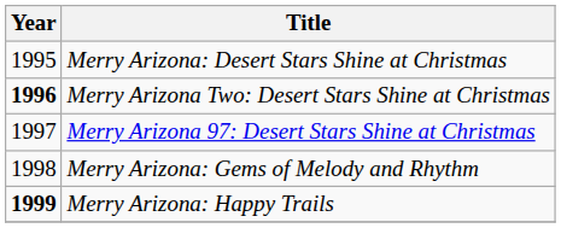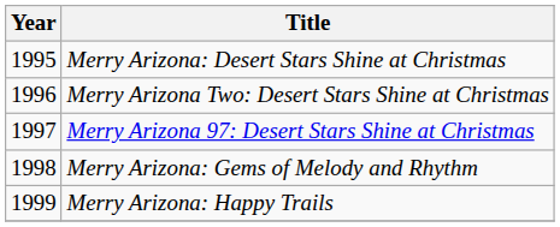 <table class="wikitable">
 <tr>
 <th>Year</th>
 <th>Title</th>
 </tr>
 <tr>
 <td>1995</td>
 <td><em>Merry Arizona: Desert Stars Shine at Christmas</em></td>
 </tr>
 <tr>
-<td><strong>1996</strong></td>
+<td>1996</td>
 <td><em>Merry Arizona Two: Desert Stars Shine at Christmas</em></td>
 </tr>
 <tr>
 <td>1997</td>
 <td><em><a href='#'>Merry Arizona 97: Desert Stars Shine at Christmas</a></em></td>
 </tr>
 <tr>
 <td>1998</td>
 <td><em>Merry Arizona: Gems of Melody and Rhythm</em></td>
 </tr>
 <tr>
-<td><strong>1999</strong></td>
+<td>1999</td>
 <td><em>Merry Arizona: Happy Trails</em></td>
 </tr>
 <tr>
 </tr>
 </table>
